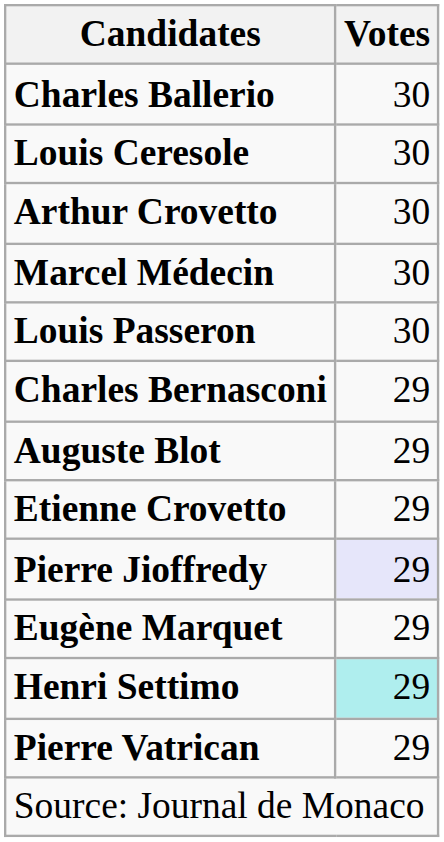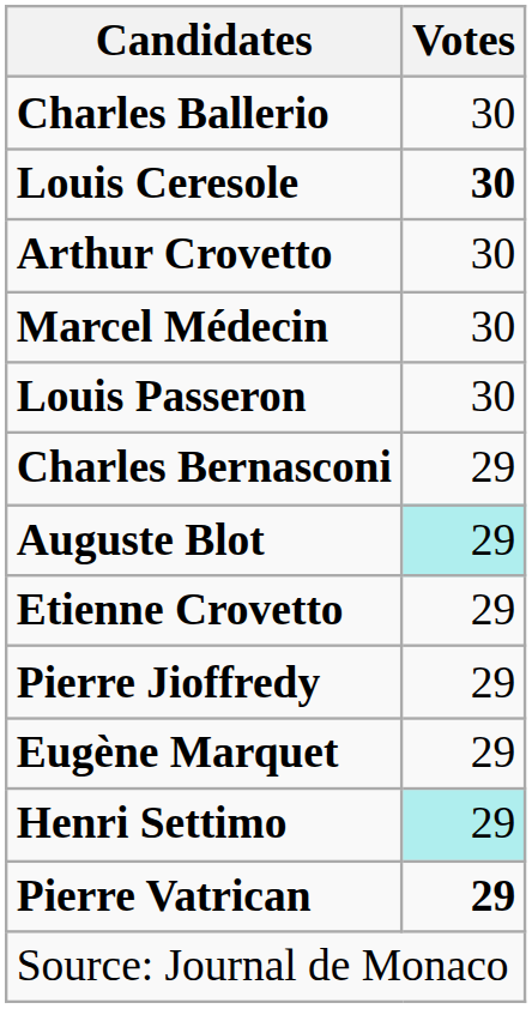 <table class="wikitable" style="text-align:right">
 <tr>
 <th>Candidates</th>
 <th>Votes</th>
 </tr>
 <tr>
 <td align=left><strong>Charles Ballerio</strong></td>
 <td>30</td>
 </tr>
 <tr>
 <td align=left><strong>Louis Ceresole</strong></td>
-<td>30</td>
+<td><strong>30</strong></td>
 </tr>
 <tr>
 <td align=left><strong>Arthur Crovetto</strong></td>
 <td>30</td>
 </tr>
 <tr>
 <td align=left><strong>Marcel Médecin</strong></td>
 <td>30</td>
 </tr>
 <tr>
 <td align=left><strong>Louis Passeron</strong></td>
 <td>30</td>
 </tr>
 <tr>
 <td align=left><strong>Charles Bernasconi</strong></td>
 <td>29</td>
 </tr>
 <tr>
 <td align=left><strong>Auguste Blot</strong></td>
-<td>29</td>
+<td style="background: paleturquoise;">29</td>
 </tr>
 <tr>
 <td align=left><strong>Etienne Crovetto</strong></td>
 <td>29</td>
 </tr>
 <tr>
 <td align=left><strong>Pierre Jioffredy</strong></td>
-<td style="background: lavender;">29</td>
+<td>29</td>
 </tr>
 <tr>
 <td align=left><strong>Eugène Marquet</strong></td>
 <td>29</td>
 </tr>
 <tr>
 <td align=left><strong>Henri Settimo</strong></td>
 <td style="background: paleturquoise;">29</td>
 </tr>
 <tr>
 <td align=left><strong>Pierre Vatrican</strong></td>
-<td>29</td>
+<td><strong>29</strong></td>
 </tr>
 <tr>
 <td colspan=4 align=left>Source: Journal de Monaco</td>
 </tr>
 </table>
